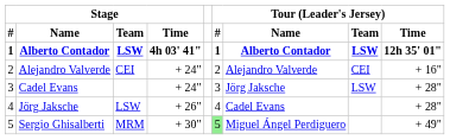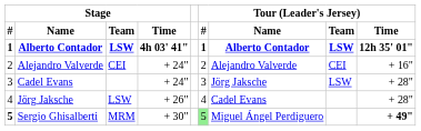 <table style="border-collapse: collapse; border-color: #c0c0c0;" border="1" cellpadding="3">
 <tr>
 <th colspan="4">Stage</th>
 <th></th>
 <th colspan="4">Tour (Leader's Jersey)</th>
 </tr>
 <tr ->
 <th>#</th>
 <th>Name</th>
 <th>Team</th>
 <th>Time</th>
 <th> </th>
 <th>#</th>
 <th>Name</th>
 <th>Team</th>
 <th>Time</th>
 </tr>
 <tr ->
 <th>1</th>
 <th><a href='#'>Alberto Contador</a> </th>
 <th><a href='#'>LSW</a></th>
 <th align="right">4h 03' 41"</th>
 <th></th>
 <th>1</th>
 <th><a href='#'>Alberto Contador</a> </th>
 <th><a href='#'>LSW</a></th>
 <th align="right">12h 35' 01"</th>
 </tr>
 <tr ->
 <td>2</td>
 <td><a href='#'>Alejandro Valverde</a> </td>
 <td><a href='#'>CEI</a></td>
 <td align="right">+ 24"</td>
 <td></td>
 <td>2</td>
 <td><a href='#'>Alejandro Valverde</a> </td>
 <td><a href='#'>CEI</a></td>
 <td align="right">+ 16"</td>
 </tr>
 <tr ->
 <td>3</td>
 <td><a href='#'>Cadel Evans</a> </td>
 <td></td>
 <td align="right">+ 24"</td>
 <td></td>
 <td>3</td>
 <td><a href='#'>Jörg Jaksche</a> </td>
 <td><a href='#'>LSW</a></td>
 <td align="right">+ 28"</td>
 </tr>
 <tr ->
 <td>4</td>
 <td><a href='#'>Jörg Jaksche</a> </td>
 <td><a href='#'>LSW</a></td>
 <td align="right">+ 26"</td>
 <td></td>
 <td>4</td>
 <td><a href='#'>Cadel Evans</a> </td>
 <td></td>
 <td align="right">+ 28"</td>
 </tr>
 <tr ->
-<td>5</td>
+<td><strong>5</strong></td>
 <td><a href='#'>Sergio Ghisalberti</a> </td>
 <td><a href='#'>MRM</a></td>
 <td align="right">+ 30"</td>
 <td></td>
 <td style="background: lightgreen;">5</td>
 <td><a href='#'>Miguel Ángel Perdiguero</a> </td>
 <td></td>
-<td align="right">+ 49"</td>
+<td align="right"><strong>+ 49"</strong></td>
 </tr>
 </table>
